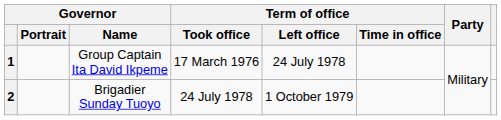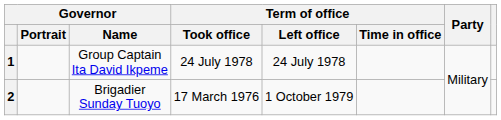 <table class="wikitable" style="text-align:center">
 <tr>
 <th colspan=3>Governor</th>
 <th colspan=3>Term of office</th>
 <th rowspan=2>Party</th>
 <th rowspan=2></th>
 </tr>
 <tr>
 <th></th>
 <th>Portrait</th>
 <th>Name<br></th>
 <th>Took office</th>
 <th>Left office</th>
 <th>Time in office</th>
 </tr>
 <tr>
 <th style="background:">1</th>
 <td></td>
 <td>Group Captain<br><a href='#'>Ita David Ikpeme </a></td>
-<td>17 March 1976</td>
+<td>24 July 1978</td>
 <td>24 July 1978</td>
 <td></td>
 <td rowspan="2">Military</td>
 <td></td>
 </tr>
 <tr>
 <th style="background:">2</th>
 <td></td>
 <td>Brigadier<br><a href='#'>Sunday Tuoyo</a><br></td>
-<td>24 July 1978</td>
+<td>17 March 1976</td>
 <td>1 October 1979</td>
 <td></td>
 <td></td>
 </tr>
 </table>
